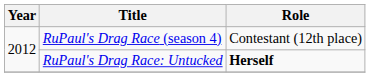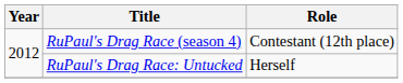 <table class="wikitable plainrowheaders" style="text-align:left;">
 <tr>
 <th>Year</th>
 <th>Title</th>
 <th>Role</th>
 </tr>
 <tr>
 <td rowspan="2">2012</td>
 <td><a href='#'><em>RuPaul's Drag Race</em> (season 4)</a></td>
 <td>Contestant (12th place)</td>
 </tr>
 <tr>
 <td><em><a href='#'>RuPaul's Drag Race: Untucked</a></em></td>
-<td><strong>Herself</strong></td>
+<td>Herself</td>
 </tr>
 <tr>
 </tr>
 </table>
